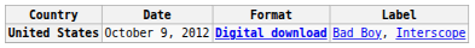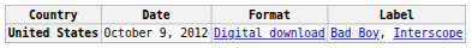 <table class="wikitable plainrowheaders">
 <tr>
 <th scope="col">Country</th>
 <th scope="col">Date</th>
 <th scope="col">Format</th>
 <th scope="col">Label</th>
 </tr>
 <tr>
 <th scope="row">United States</th>
 <td>October 9, 2012</td>
-<td><strong><a href='#'>Digital download</a></strong></td>
+<td><a href='#'>Digital download</a></td>
 <td><a href='#'>Bad Boy</a>, <a href='#'>Interscope</a></td>
 </tr>
 <tr>
 </tr>
 </table>
